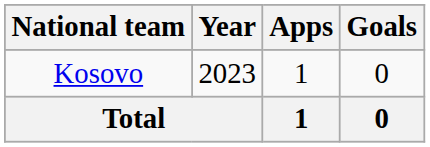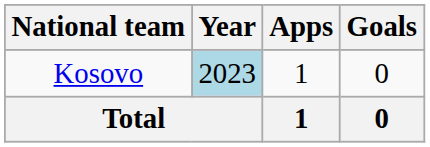 <table class="wikitable" style="text-align:center">
 <tr>
 <th>National team</th>
 <th>Year</th>
 <th>Apps</th>
 <th>Goals</th>
 </tr>
 <tr>
 <td rowspan=1><a href='#'>Kosovo</a></td>
-<td>2023</td>
+<td style="background: lightblue;">2023</td>
 <td>1</td>
 <td>0</td>
 </tr>
 <tr>
 <th colspan=2>Total</th>
 <th>1</th>
 <th>0</th>
 </tr>
 </table>
